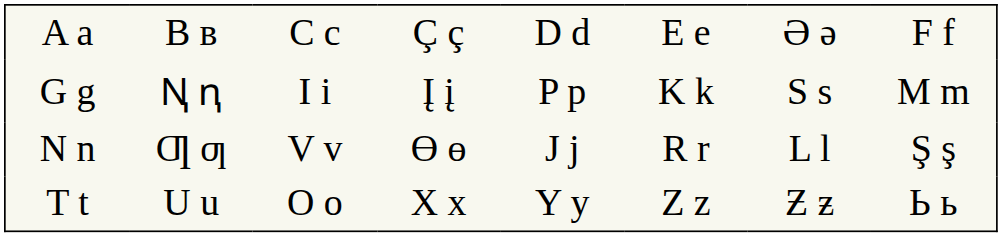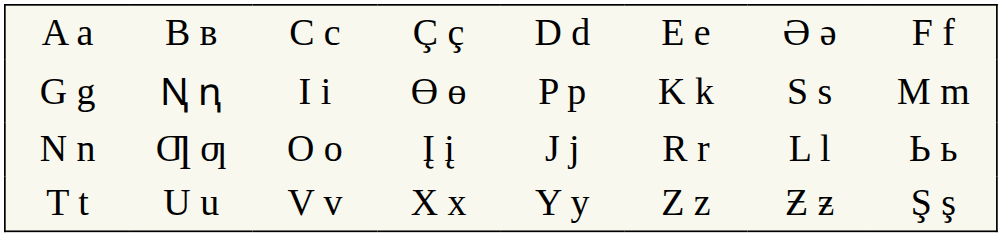 <table style="font-family:Arial Unicode MS; font-size:1.4em; border-color:#000000; border-width:1px; border-style:solid; border-collapse:collapse; background-color:#F8F8EF">
 <tr>
 <td style="width:3em; text-align:center; padding: 3px;">A a</td>
 <td style="width:3em; text-align:center; padding: 3px;">B в</td>
 <td style="width:3em; text-align:center; padding: 3px;">C c</td>
 <td style="width:3em; text-align:center; padding: 3px;">Ç ç</td>
 <td style="width:3em; text-align:center; padding: 3px;">D d</td>
 <td style="width:3em; text-align:center; padding: 3px;">E e</td>
 <td style="width:3em; text-align:center; padding: 3px;">Ə ə</td>
 <td style="width:3em; text-align:center; padding: 3px;">F f</td>
 </tr>
 <tr>
 <td style="width:3em; text-align:center; padding: 3px;">G g</td>
 <td style="width:3em; text-align:center; padding: 3px;">Ꞑ ꞑ</td>
 <td style="width:3em; text-align:center; padding: 3px;">I i</td>
-<td style="width:3em; text-align:center; padding: 3px;">Į į</td>
+<td style="width:3em; text-align:center; padding: 3px;">Ɵ ɵ</td>
 <td style="width:3em; text-align:center; padding: 3px;">P p</td>
 <td style="width:3em; text-align:center; padding: 3px;">K k</td>
 <td style="width:3em; text-align:center; padding: 3px;">S s</td>
 <td style="width:3em; text-align:center; padding: 3px;">M m</td>
 </tr>
 <tr>
 <td style="width:3em; text-align:center; padding: 3px;">N n</td>
 <td style="width:3em; text-align:center; padding: 3px;">Ƣ ƣ</td>
-<td style="width:3em; text-align:center; padding: 3px;">V v</td>
-<td style="width:3em; text-align:center; padding: 3px;">Ɵ ɵ</td>
+<td style="width:3em; text-align:center; padding: 3px;">O o</td>
+<td style="width:3em; text-align:center; padding: 3px;">Į į</td>
 <td style="width:3em; text-align:center; padding: 3px;">J j</td>
 <td style="width:3em; text-align:center; padding: 3px;">R r</td>
 <td style="width:3em; text-align:center; padding: 3px;">L l</td>
-<td style="width:3em; text-align:center; padding: 3px;">Ş ş</td>
+<td style="width:3em; text-align:center; padding: 3px;">Ь ь</td>
 </tr>
 <tr>
 <td style="width:3em; text-align:center; padding: 3px;">T t</td>
 <td style="width:3em; text-align:center; padding: 3px;">U u</td>
-<td style="width:3em; text-align:center; padding: 3px;">O o</td>
+<td style="width:3em; text-align:center; padding: 3px;">V v</td>
 <td style="width:3em; text-align:center; padding: 3px;">X x</td>
 <td style="width:3em; text-align:center; padding: 3px;">Y y</td>
 <td style="width:3em; text-align:center; padding: 3px;">Z z</td>
 <td style="width:3em; text-align:center; padding: 3px;">Ƶ ƶ</td>
-<td style="width:3em; text-align:center; padding: 3px;">Ь ь</td>
+<td style="width:3em; text-align:center; padding: 3px;">Ş ş</td>
 </tr>
 </table>
